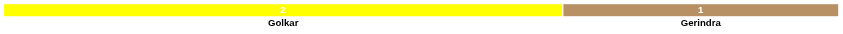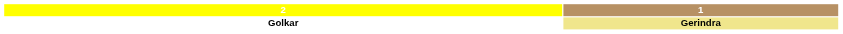 <table style="width:88%; text-align:center;">
 <tr style="color:white;">
 <td style="background:#FFFF00; width:67%;"><strong>2</strong></td>
 <td style="background:#B79164; width:33%;"><strong>1</strong></td>
 </tr>
 <tr>
 <td><span><strong>Golkar</strong></span></td>
-<td><span><strong>Gerindra</strong></span></td>
+<td style="background: khaki;"><span><strong>Gerindra</strong></span></td>
 </tr>
 </table>
